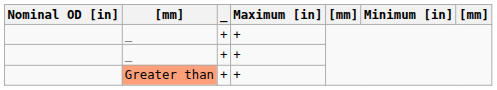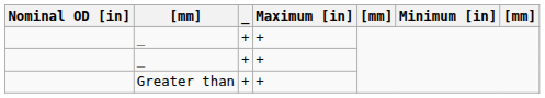 <table class="wikitable">
 <tr>
 <th>Nominal OD [in]</th>
 <th>[mm]</th>
 <th>_</th>
 <th>Maximum [in]</th>
 <th>[mm]</th>
 <th>Minimum [in]</th>
 <th>[mm]</th>
 </tr>
 <tr>
 <td></td>
 <td>_</td>
 <td>+</td>
 <td>+</td>
 </tr>
 <tr>
 <td></td>
 <td>_</td>
 <td>+</td>
 <td>+</td>
 </tr>
 <tr>
 <td></td>
-<td style="background: lightsalmon;">Greater than</td>
+<td>Greater than</td>
 <td>+</td>
 <td>+</td>
 </tr>
 </table>
